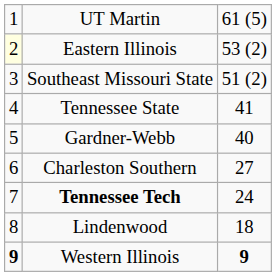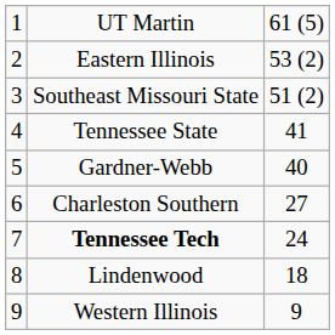 <table class="wikitable">
 <tr align="center">
 <td>1</td>
 <td>UT Martin</td>
 <td>61 (5)</td>
 </tr>
 <tr align="center">
-<td style="background: lightyellow;">2</td>
+<td>2</td>
 <td>Eastern Illinois</td>
 <td>53 (2)</td>
 </tr>
 <tr align="center">
 <td>3</td>
 <td>Southeast Missouri State</td>
 <td>51 (2)</td>
 </tr>
 <tr align="center">
 <td>4</td>
 <td>Tennessee State</td>
 <td>41</td>
 </tr>
 <tr align="center">
 <td>5</td>
 <td>Gardner-Webb</td>
 <td>40</td>
 </tr>
 <tr align="center">
 <td>6</td>
 <td>Charleston Southern</td>
 <td>27</td>
 </tr>
 <tr align="center">
 <td>7</td>
 <td><strong>Tennessee Tech</strong></td>
 <td>24</td>
 </tr>
 <tr align="center">
 <td>8</td>
 <td>Lindenwood</td>
 <td>18</td>
 </tr>
 <tr align="center">
-<td><strong>9</strong></td>
+<td>9</td>
 <td>Western Illinois</td>
-<td><strong>9</strong></td>
+<td>9</td>
 </tr>
 </table>
